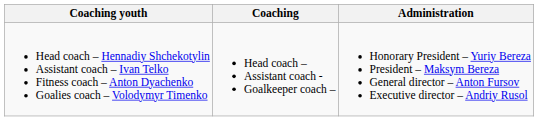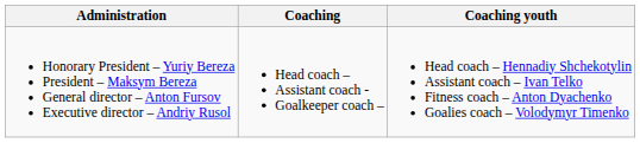 <table class="wikitable">
 <tr>
+<th>Administration</th>
+<th>Coaching</th>
 <th>Coaching youth</th>
-<th>Coaching</th>
-<th>Administration</th>
 </tr>
 <tr>
+<td><br><ul><li>Honorary President – <a href='#'>Yuriy Bereza</a></li><li>President – <a href='#'>Maksym Bereza</a></li><li>General director – <a href='#'>Anton Fursov</a></li><li>Executive director – <a href='#'>Andriy Rusol</a></li></ul></td>
+<td><br><ul><li>Head coach –</li><li>Assistant coach -</li><li>Goalkeeper coach –</li></ul></td>
 <td><br><ul><li>Head coach – <a href='#'>Hennadiy Shchekotylin</a></li><li>Assistant coach – <a href='#'>Ivan Telko</a></li><li>Fitness coach – <a href='#'>Anton Dyachenko</a></li><li>Goalies coach – <a href='#'>Volodymyr Timenko</a></li></ul></td>
-<td><br><ul><li>Head coach –</li><li>Assistant coach -</li><li>Goalkeeper coach –</li></ul></td>
-<td><br><ul><li>Honorary President – <a href='#'>Yuriy Bereza</a></li><li>President – <a href='#'>Maksym Bereza</a></li><li>General director – <a href='#'>Anton Fursov</a></li><li>Executive director – <a href='#'>Andriy Rusol</a></li></ul></td>
 </tr>
 </table>
